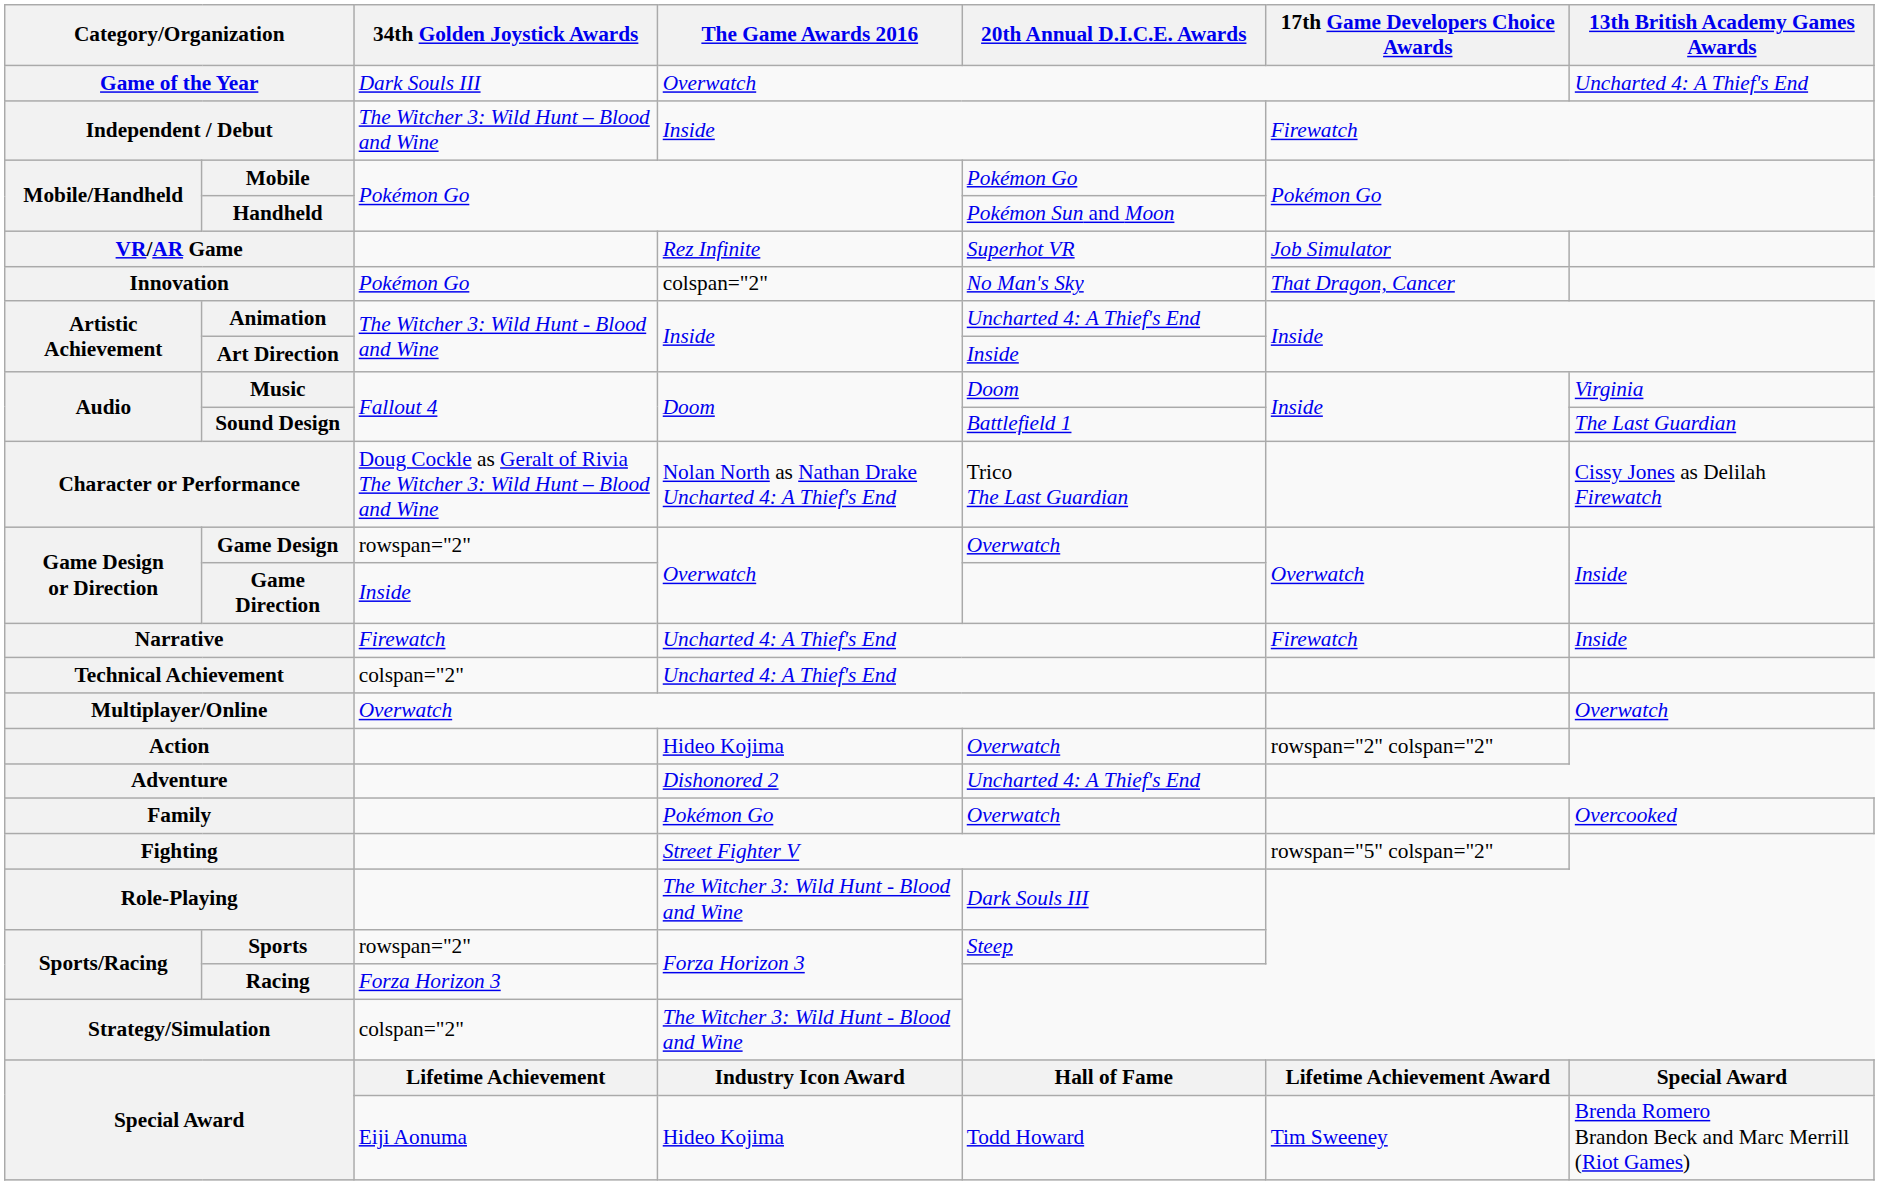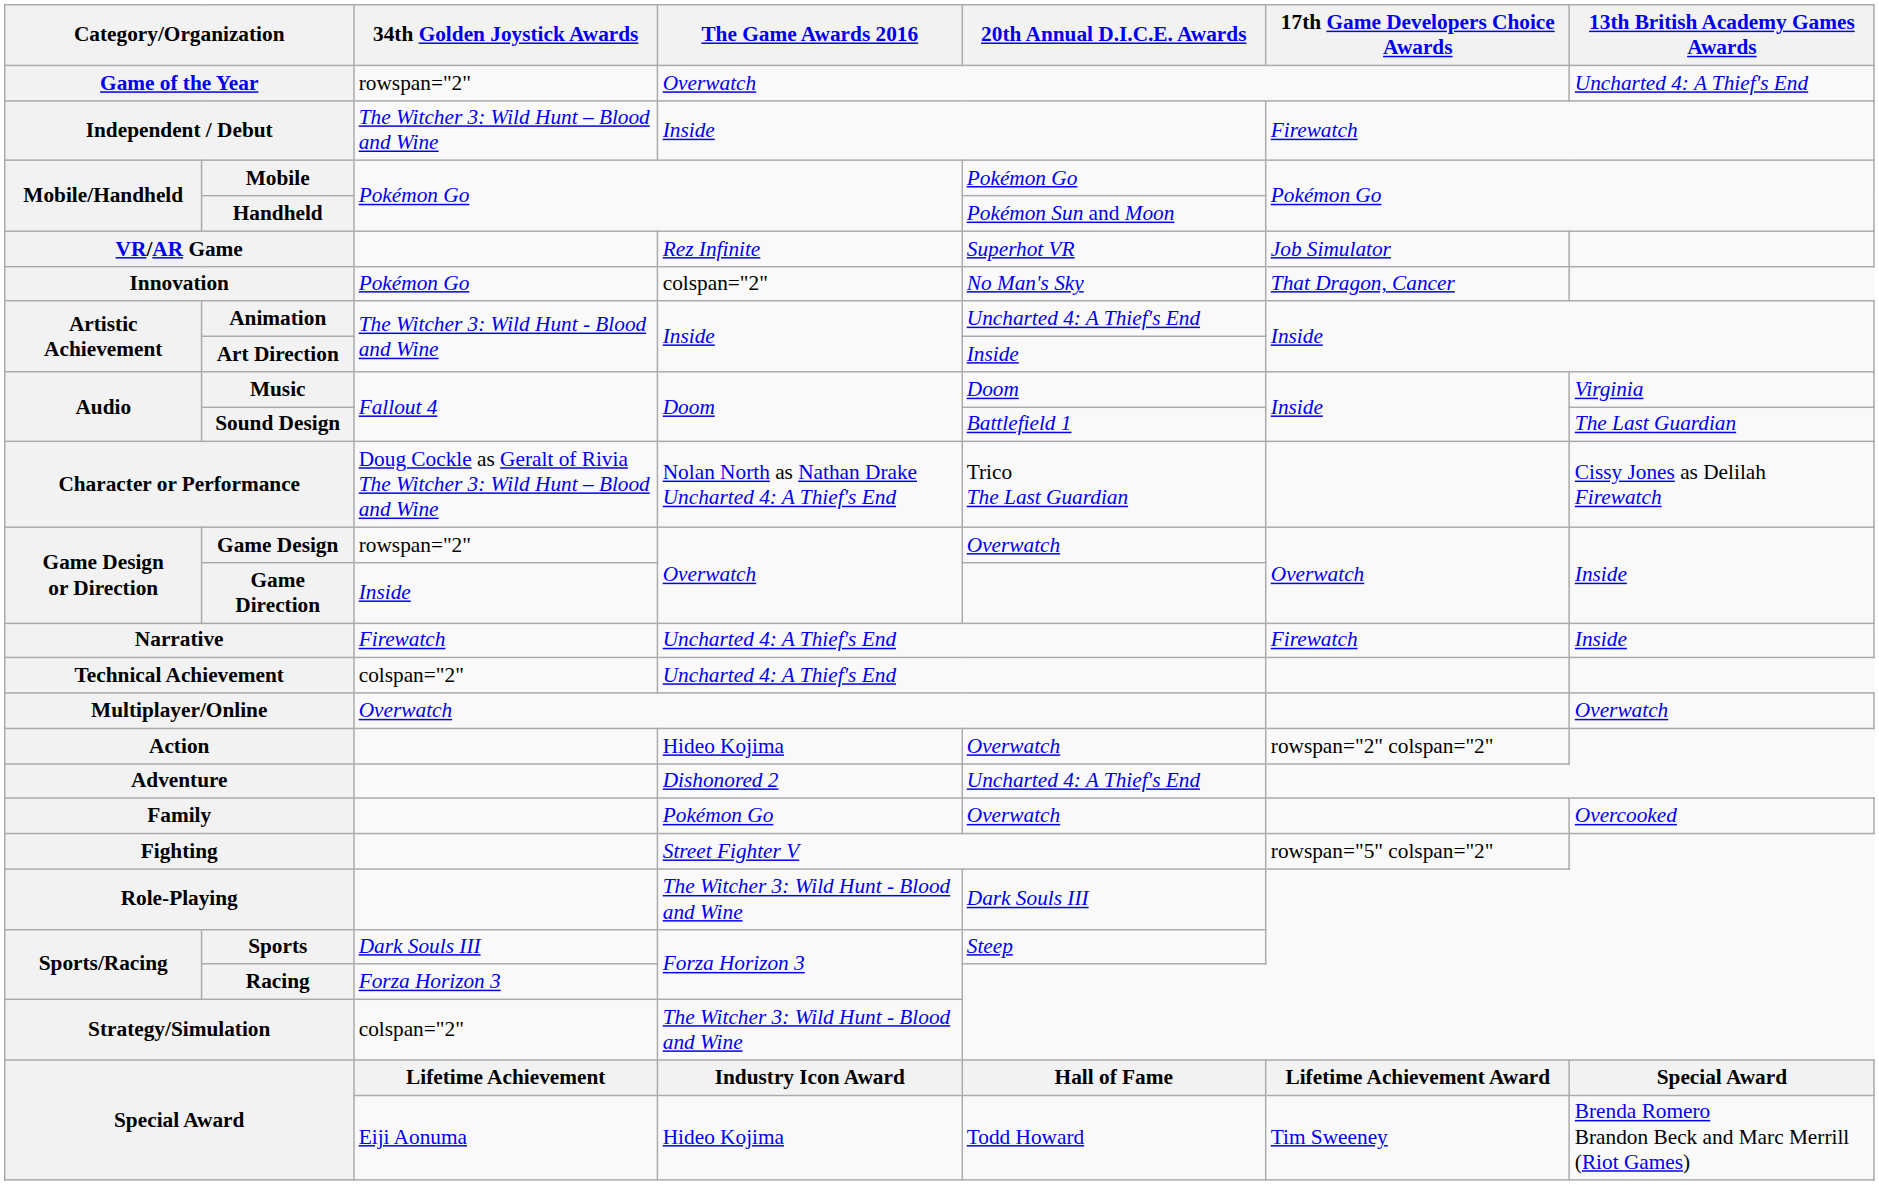 <table class="wikitable" style="border:none; margin:0; width:100%; font-size: 90%;">
 <tr>
 <th colspan="2" style="width:16%;">Category/Organization</th>
 <th style="width:14%;">34th <a href='#'>Golden Joystick Awards</a><br></th>
 <th style="width:14%;"><a href='#'>The Game Awards 2016</a><br></th>
 <th style="width:14%;"><a href='#'>20th Annual D.I.C.E. Awards</a><br></th>
 <th style="width:14%;">17th <a href='#'>Game Developers Choice Awards</a><br></th>
 <th style="width:14%;"><a href='#'>13th British Academy Games Awards</a><br></th>
 </tr>
 <tr>
 <th scope="row" colspan="2"><a href='#'>Game of the Year</a></th>
-<td><em><a href='#'>Dark Souls III</a></em></td>
+<td>rowspan="2" </td>
 <td colspan="3"><em><a href='#'>Overwatch</a></em></td>
 <td><em><a href='#'>Uncharted 4: A Thief's End</a></em></td>
 </tr>
 <tr>
 <th scope="row" colspan="2" style="width:9%;">Independent / Debut</th>
 <td><em><a href='#'>The Witcher 3: Wild Hunt – Blood and Wine</a></em></td>
 <td colspan="2"><em><a href='#'>Inside</a></em></td>
 <td colspan="2"><em><a href='#'>Firewatch</a></em></td>
 </tr>
 <tr>
 <th scope="row" rowspan="2" style="width:9%;">Mobile/Handheld</th>
 <th>Mobile</th>
 <td rowspan="2" colspan="2"><em><a href='#'>Pokémon Go</a></em></td>
 <td><em><a href='#'>Pokémon Go</a></em></td>
 <td rowspan = "2" colspan="2"><em><a href='#'>Pokémon Go</a></em></td>
 </tr>
 <tr>
 <th scope="row">Handheld</th>
 <td><a href='#'><em>Pokémon Sun</em> and <em>Moon</em></a></td>
 </tr>
 <tr>
 <th scope="row" colspan="2"><a href='#'>VR</a>/<a href='#'>AR</a> Game</th>
 <td></td>
 <td><em><a href='#'>Rez Infinite</a></em></td>
 <td><em><a href='#'>Superhot VR</a></em></td>
 <td><em><a href='#'>Job Simulator</a></em></td>
 <td></td>
 </tr>
 <tr>
 <th scope="row" colspan="2" style="width:9%;">Innovation</th>
 <td><em><a href='#'>Pokémon Go</a></em></td>
 <td>colspan="2" </td>
 <td><em><a href='#'>No Man's Sky</a></em></td>
 <td><em><a href='#'>That Dragon, Cancer</a></em></td>
 </tr>
 <tr>
 <th scope="row" rowspan="2" style="width:9%;">Artistic Achievement</th>
 <th>Animation</th>
 <td rowspan="2"><em><a href='#'>The Witcher 3: Wild Hunt - Blood and Wine</a></em></td>
 <td rowspan="2"><em><a href='#'>Inside</a></em></td>
 <td><em><a href='#'>Uncharted 4: A Thief's End</a></em></td>
 <td rowspan="2" colspan="2"><em><a href='#'>Inside</a></em></td>
 </tr>
 <tr>
 <th scope="row">Art Direction</th>
 <td><em><a href='#'>Inside</a></em></td>
 </tr>
 <tr>
 <th scope="row" rowspan="2" style="width:9%;">Audio</th>
 <th>Music</th>
 <td rowspan="2"><em><a href='#'>Fallout 4</a></em></td>
 <td rowspan="2"><em><a href='#'>Doom</a></em></td>
 <td><em><a href='#'>Doom</a></em></td>
 <td rowspan="2"><em><a href='#'>Inside</a></em></td>
 <td><em><a href='#'>Virginia</a></em></td>
 </tr>
 <tr>
 <th scope="row">Sound Design</th>
 <td><em><a href='#'>Battlefield 1</a></em></td>
 <td><em><a href='#'>The Last Guardian</a></em></td>
 </tr>
 <tr>
 <th scope="row" colspan="2">Character or Performance</th>
 <td><a href='#'>Doug Cockle</a> as <a href='#'>Geralt of Rivia</a><br><em><a href='#'>The Witcher 3: Wild Hunt – Blood and Wine</a></em></td>
 <td><a href='#'>Nolan North</a> as <a href='#'>Nathan Drake</a><br><em><a href='#'>Uncharted 4: A Thief's End</a></em></td>
 <td>Trico<br><em><a href='#'>The Last Guardian</a></em></td>
 <td></td>
 <td><a href='#'>Cissy Jones</a> as Delilah<br><em><a href='#'>Firewatch</a></em></td>
 </tr>
 <tr>
 <th scope="row" rowspan="2">Game Design<br>or Direction</th>
 <th>Game Design</th>
 <td>rowspan="2" </td>
 <td rowspan="2"><em><a href='#'>Overwatch</a></em></td>
 <td><em><a href='#'>Overwatch</a></em></td>
 <td rowspan="2"><em><a href='#'>Overwatch</a></em></td>
 <td rowspan="2"><em><a href='#'>Inside</a></em></td>
 </tr>
 <tr>
 <th scope="row">Game Direction</th>
 <td><em><a href='#'>Inside</a></em></td>
 </tr>
 <tr>
 <th scope="row" colspan="2">Narrative</th>
 <td><em><a href='#'>Firewatch</a></em></td>
 <td colspan="2"><em><a href='#'>Uncharted 4: A Thief's End</a></em></td>
 <td><em><a href='#'>Firewatch</a></em></td>
 <td><em><a href='#'>Inside</a></em></td>
 </tr>
 <tr>
 <th scope="row" colspan="2">Technical Achievement</th>
 <td>colspan="2" </td>
 <td colspan="2"><em><a href='#'>Uncharted 4: A Thief's End</a></em></td>
 <td></td>
 </tr>
 <tr>
 <th scope="row" colspan="2">Multiplayer/Online</th>
 <td colspan="3"><em><a href='#'>Overwatch</a></em></td>
 <td></td>
 <td><em><a href='#'>Overwatch</a> </em></td>
 </tr>
 <tr>
 <th scope="row" colspan="2">Action</th>
 <td></td>
 <td><a href='#'>Hideo Kojima</a></td>
 <td><em><a href='#'>Overwatch</a></em></td>
 <td>rowspan="2" colspan="2" </td>
 </tr>
 <tr>
 <th scope="row" colspan="2">Adventure</th>
 <td></td>
 <td><em><a href='#'>Dishonored 2</a></em></td>
 <td><em><a href='#'>Uncharted 4: A Thief's End</a></em></td>
 </tr>
 <tr>
 <th scope="row" colspan="2">Family</th>
 <td></td>
 <td><em><a href='#'>Pokémon Go</a></em></td>
 <td><em><a href='#'>Overwatch</a></em></td>
 <td></td>
 <td><em><a href='#'>Overcooked</a></em></td>
 </tr>
 <tr>
 <th scope="row" colspan="2">Fighting</th>
 <td></td>
 <td colspan="2"><em><a href='#'>Street Fighter V</a></em></td>
 <td>rowspan="5" colspan="2" </td>
 </tr>
 <tr>
 <th scope="row" colspan="2">Role-Playing</th>
 <td></td>
 <td><em><a href='#'>The Witcher 3: Wild Hunt - Blood and Wine</a></em></td>
 <td><em><a href='#'>Dark Souls III</a></em></td>
 </tr>
 <tr>
 <th scope="row" rowspan="2">Sports/Racing</th>
 <th>Sports</th>
-<td>rowspan="2" </td>
+<td><em><a href='#'>Dark Souls III</a></em></td>
 <td rowspan="2"><em><a href='#'>Forza Horizon 3</a></em></td>
 <td><em><a href='#'>Steep</a></em></td>
 </tr>
 <tr>
 <th>Racing</th>
 <td><em><a href='#'>Forza Horizon 3</a></em></td>
 </tr>
 <tr>
 <th scope="row" colspan="2">Strategy/Simulation</th>
 <td>colspan="2" </td>
 <td><em><a href='#'>The Witcher 3: Wild Hunt - Blood and Wine</a></em></td>
 </tr>
 <tr>
 <th scope="row" colspan="2" rowspan="2">Special Award</th>
 <th>Lifetime Achievement</th>
 <th>Industry Icon Award</th>
 <th>Hall of Fame</th>
 <th>Lifetime Achievement Award</th>
 <th>Special Award</th>
 </tr>
 <tr>
 <td><a href='#'>Eiji Aonuma</a></td>
 <td><a href='#'>Hideo Kojima</a></td>
 <td><a href='#'>Todd Howard</a></td>
 <td><a href='#'>Tim Sweeney</a></td>
 <td><a href='#'>Brenda Romero</a><br>Brandon Beck and Marc Merrill (<a href='#'>Riot Games</a>)</td>
 </tr>
 </table>
